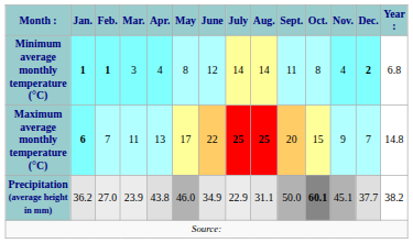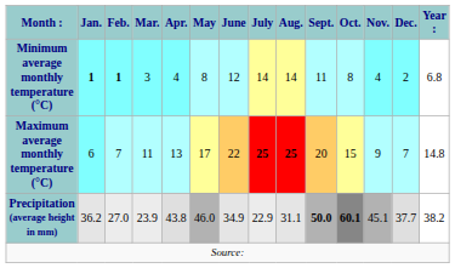 <table class="wikitable" style="margin:1em auto; font-size:90%;width:60%;border:30px;text-align:center;line-height:120%">
 <tr>
 <th style="background:#99CCCC;color:#000080" height="17">Month :</th>
 <th style="background:#99CCCC;color:#000080">Jan.</th>
 <th style="background:#99CCCC;color:#000080">Feb.</th>
 <th style="background:#99CCCC;color:#000080">Mar.</th>
 <th style="background:#99CCCC;color:#000080">Apr.</th>
 <th style="background:#99CCCC;color:#000080">May</th>
 <th style="background:#99CCCC;color:#000080">June</th>
 <th style="background:#99CCCC;color:#000080">July</th>
 <th style="background:#99CCCC;color:#000080">Aug.</th>
 <th style="background:#99CCCC;color:#000080">Sept.</th>
 <th style="background:#99CCCC;color:#000080">Oct.</th>
 <th style="background:#99CCCC;color:#000080">Nov.</th>
 <th style="background:#99CCCC;color:#000080">Dec.</th>
 <th style="background:#99CCCC;color:#000080">Year :</th>
 </tr>
 <tr>
 <th style="background:#99CCCC;color:#000080">Minimum average monthly temperature (°C)</th>
 <td style="background:#80FFFF;color:black"><strong>1</strong></td>
 <td style="background:#80FFFF;color:black"><strong>1</strong></td>
 <td style="background:#80FFFF;color:black">3</td>
 <td style="background:#80FFFF;color:black">4</td>
 <td style="background:#B2FFFF;color:black">8</td>
 <td style="background:#B2FFFF;color:black">12</td>
 <td style="background:#FFFF99;color:black">14</td>
 <td style="background:#FFFF99;color:black">14</td>
 <td style="background:#B2FFFF;color:black">11</td>
 <td style="background:#B2FFFF;color:black">8</td>
 <td style="background:#80FFFF;color:black">4</td>
-<td style="background:#80FFFF;color:black"><strong>2</strong></td>
+<td style="background:#80FFFF;color:black">2</td>
 <td style="background:#FFFFFF;color:black">6.8</td>
 </tr>
 <tr>
 <th style="background:#99CCCC;color:#000080">Maximum average monthly temperature (°C)</th>
-<td style="background:#80FFFF;color:black"><strong>6</strong></td>
+<td style="background:#80FFFF;color:black">6</td>
 <td style="background:#B2FFFF;color:black">7</td>
 <td style="background:#B2FFFF;color:black">11</td>
 <td style="background:#B2FFFF;color:black">13</td>
 <td style="background:#FFFF99;color:black">17</td>
 <td style="background:#FFCC66;color:black">22</td>
 <td style="background:#FF0000;color:black"><strong><span>25</span></strong></td>
 <td style="background:#FF0000;color:black"><strong><span>25</span></strong></td>
 <td style="background:#FFCC66;color:black">20</td>
 <td style="background:#FFFF99;color:black">15</td>
 <td style="background:#B2FFFF;color:black">9</td>
 <td style="background:#B2FFFF;color:black">7</td>
 <td style="background:#FFFFFF;color:black">14.8</td>
 </tr>
 <tr>
 <th style="background:#99CCCC;color:#000080" height="16;">Precipitation<br> <small>(average height in mm)</small></th>
 <td style="background:#E5E5E5;color:black">36.2</td>
 <td style="background:#ECECEC;color:black">27.0</td>
 <td style="background:#ECECEC;color:black">23.9</td>
 <td style="background:#DFDFDF;color:black">43.8</td>
 <td style="background:#B2B2B2;color:black">46.0</td>
 <td style="background:#E5E5E5;color:black">34.9</td>
 <td style="background:#ECECEC;color:black">22.9</td>
 <td style="background:#E5E5E5;color:black">31.1</td>
-<td style="background:#B2B2B2;color:black">50.0</td>
+<td style="background:#B2B2B2;color:black"><strong>50.0</strong></td>
 <td style="background:#868686;color:black"><strong><span>60.1</span></strong></td>
 <td style="background:#B2B2B2;color:black">45.1</td>
 <td style="background:#DFDFDF;color:black">37.7</td>
 <td style="background:#FFFFFF;color:black">38.2</td>
 </tr>
 <tr>
 <td colspan="14" style="text-align:center;font-size:90%"><em>Source:  </em></td>
 </tr>
 </table>
